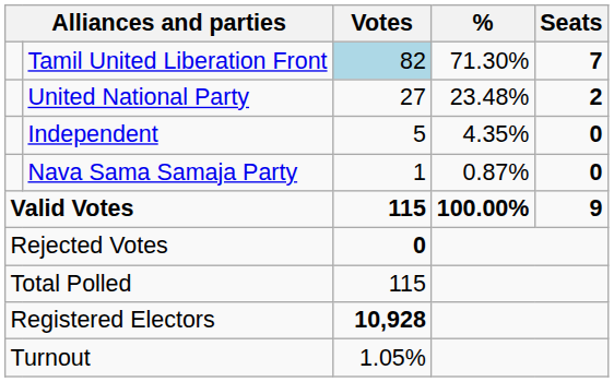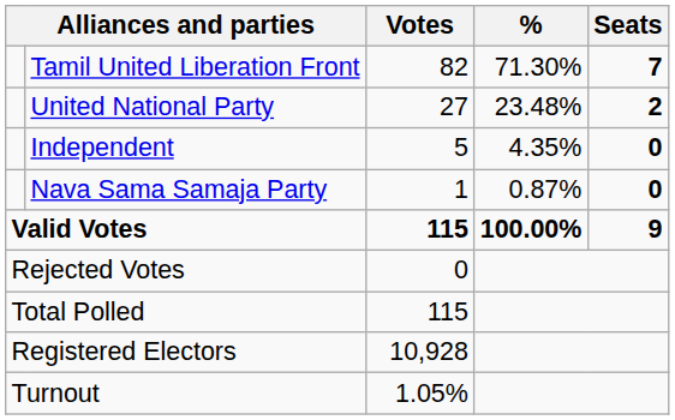 <table class="wikitable" border="1" style="text-align:right;">
 <tr>
 <th valign=bottom align=left colspan=2>Alliances and parties</th>
 <th valign=bottom align=center width="60">Votes</th>
 <th valign=bottom align=center width="50">%</th>
 <th valign=bottom align=center>Seats</th>
 </tr>
 <tr>
 <td bgcolor=> </td>
 <td align=left><a href='#'>Tamil United Liberation Front</a></td>
-<td style="background: lightblue;">82</td>
+<td>82</td>
 <td>71.30%</td>
 <td><strong>7</strong></td>
 </tr>
 <tr>
 <td bgcolor=> </td>
 <td align=left><a href='#'>United National Party</a></td>
 <td>27</td>
 <td>23.48%</td>
 <td><strong>2</strong></td>
 </tr>
 <tr>
 <td></td>
 <td align=left><a href='#'>Independent</a></td>
 <td>5</td>
 <td>4.35%</td>
 <td><strong>0</strong></td>
 </tr>
 <tr>
 <td bgcolor=> </td>
 <td align=left><a href='#'>Nava Sama Samaja Party</a></td>
 <td>1</td>
 <td>0.87%</td>
 <td><strong>0</strong></td>
 </tr>
 <tr>
 <td colspan=2 align=left><strong>Valid Votes</strong></td>
 <td><strong>115</strong></td>
 <td><strong>100.00%</strong></td>
 <td><strong>9</strong></td>
 </tr>
 <tr>
 <td colspan=2 align=left>Rejected Votes</td>
-<td><strong>0</strong></td>
+<td>0</td>
 <td colspan=2></td>
 </tr>
 <tr>
 <td colspan=2 align=left>Total Polled</td>
 <td>115</td>
 <td colspan=2></td>
 </tr>
 <tr>
 <td colspan=2 align=left>Registered Electors</td>
-<td><strong>10,928</strong></td>
+<td>10,928</td>
 <td colspan=2></td>
 </tr>
 <tr>
 <td colspan=2 align=left>Turnout</td>
 <td>1.05%</td>
 <td colspan=2></td>
 </tr>
 </table>
